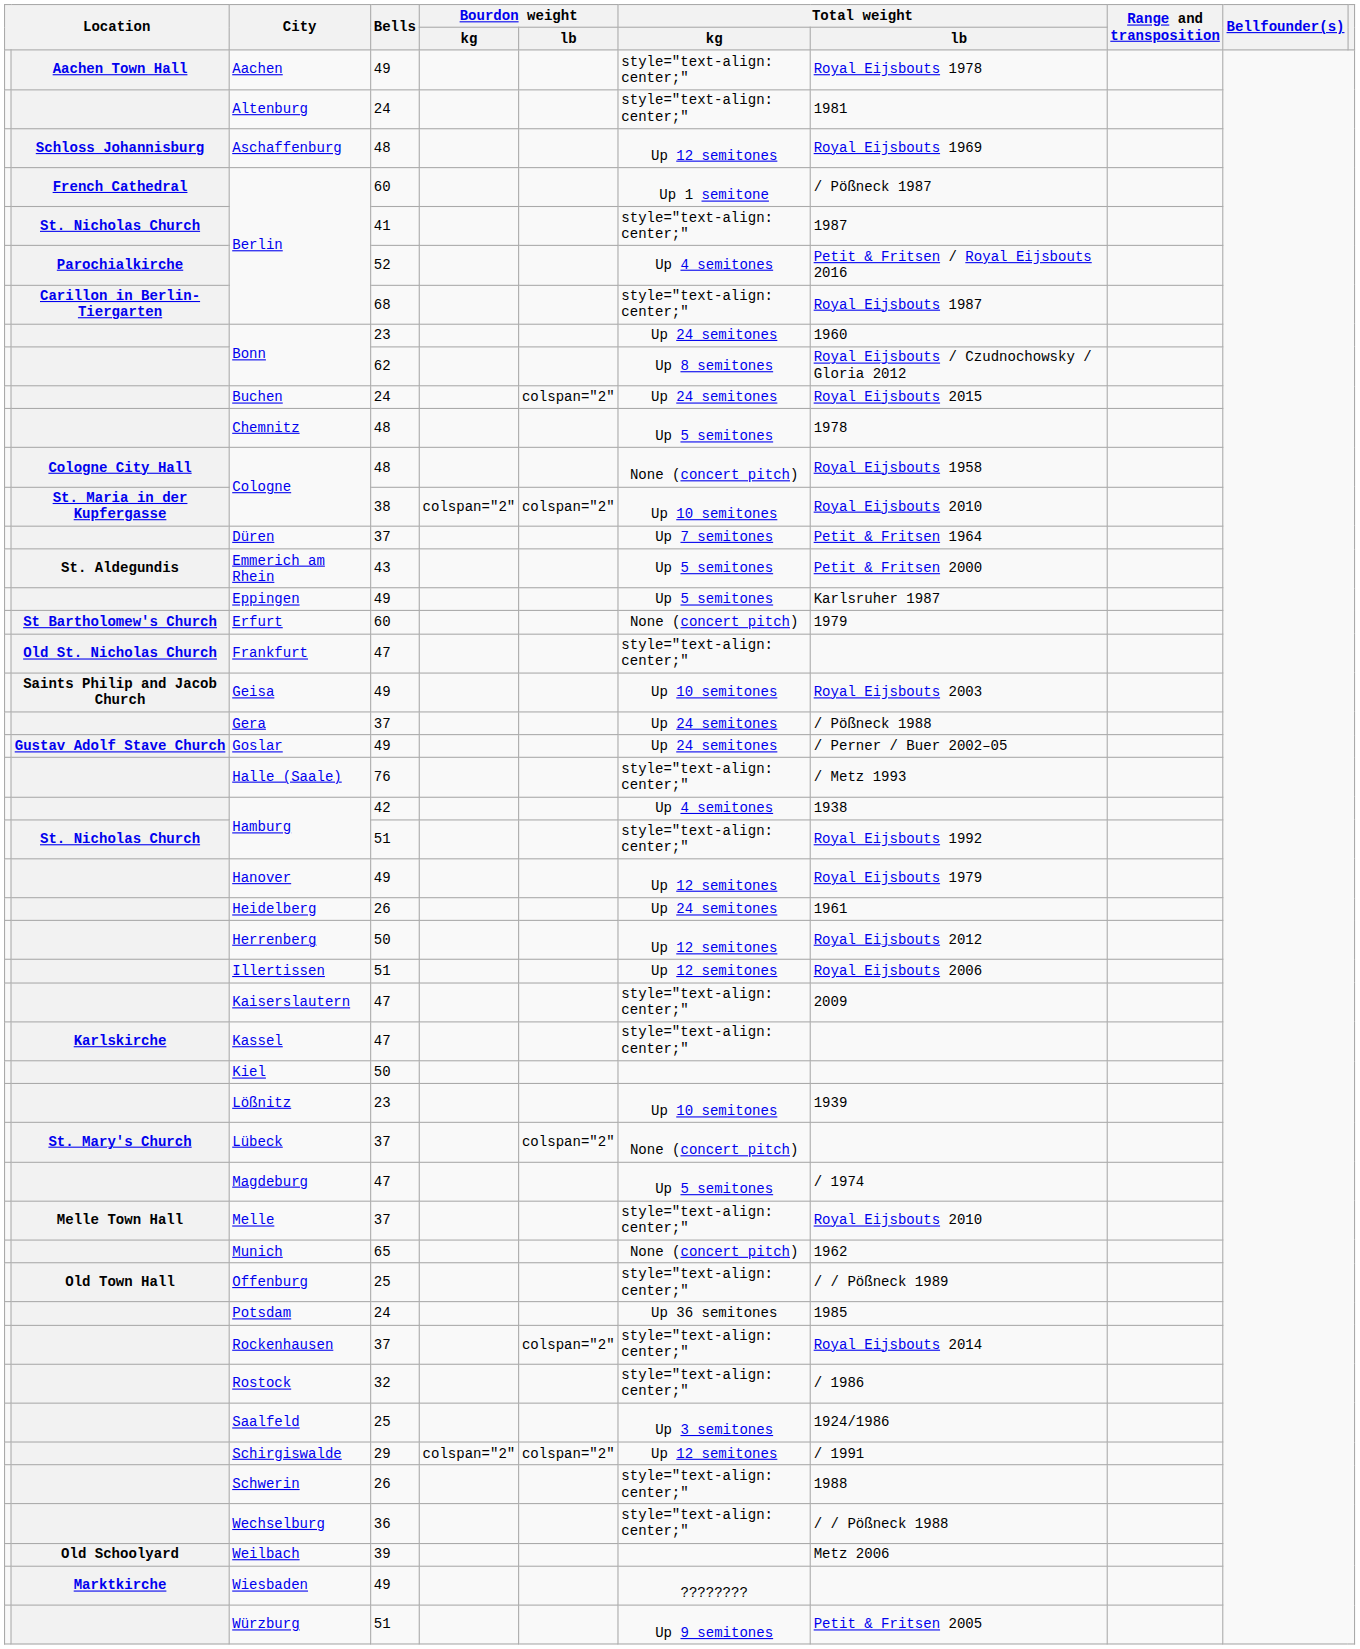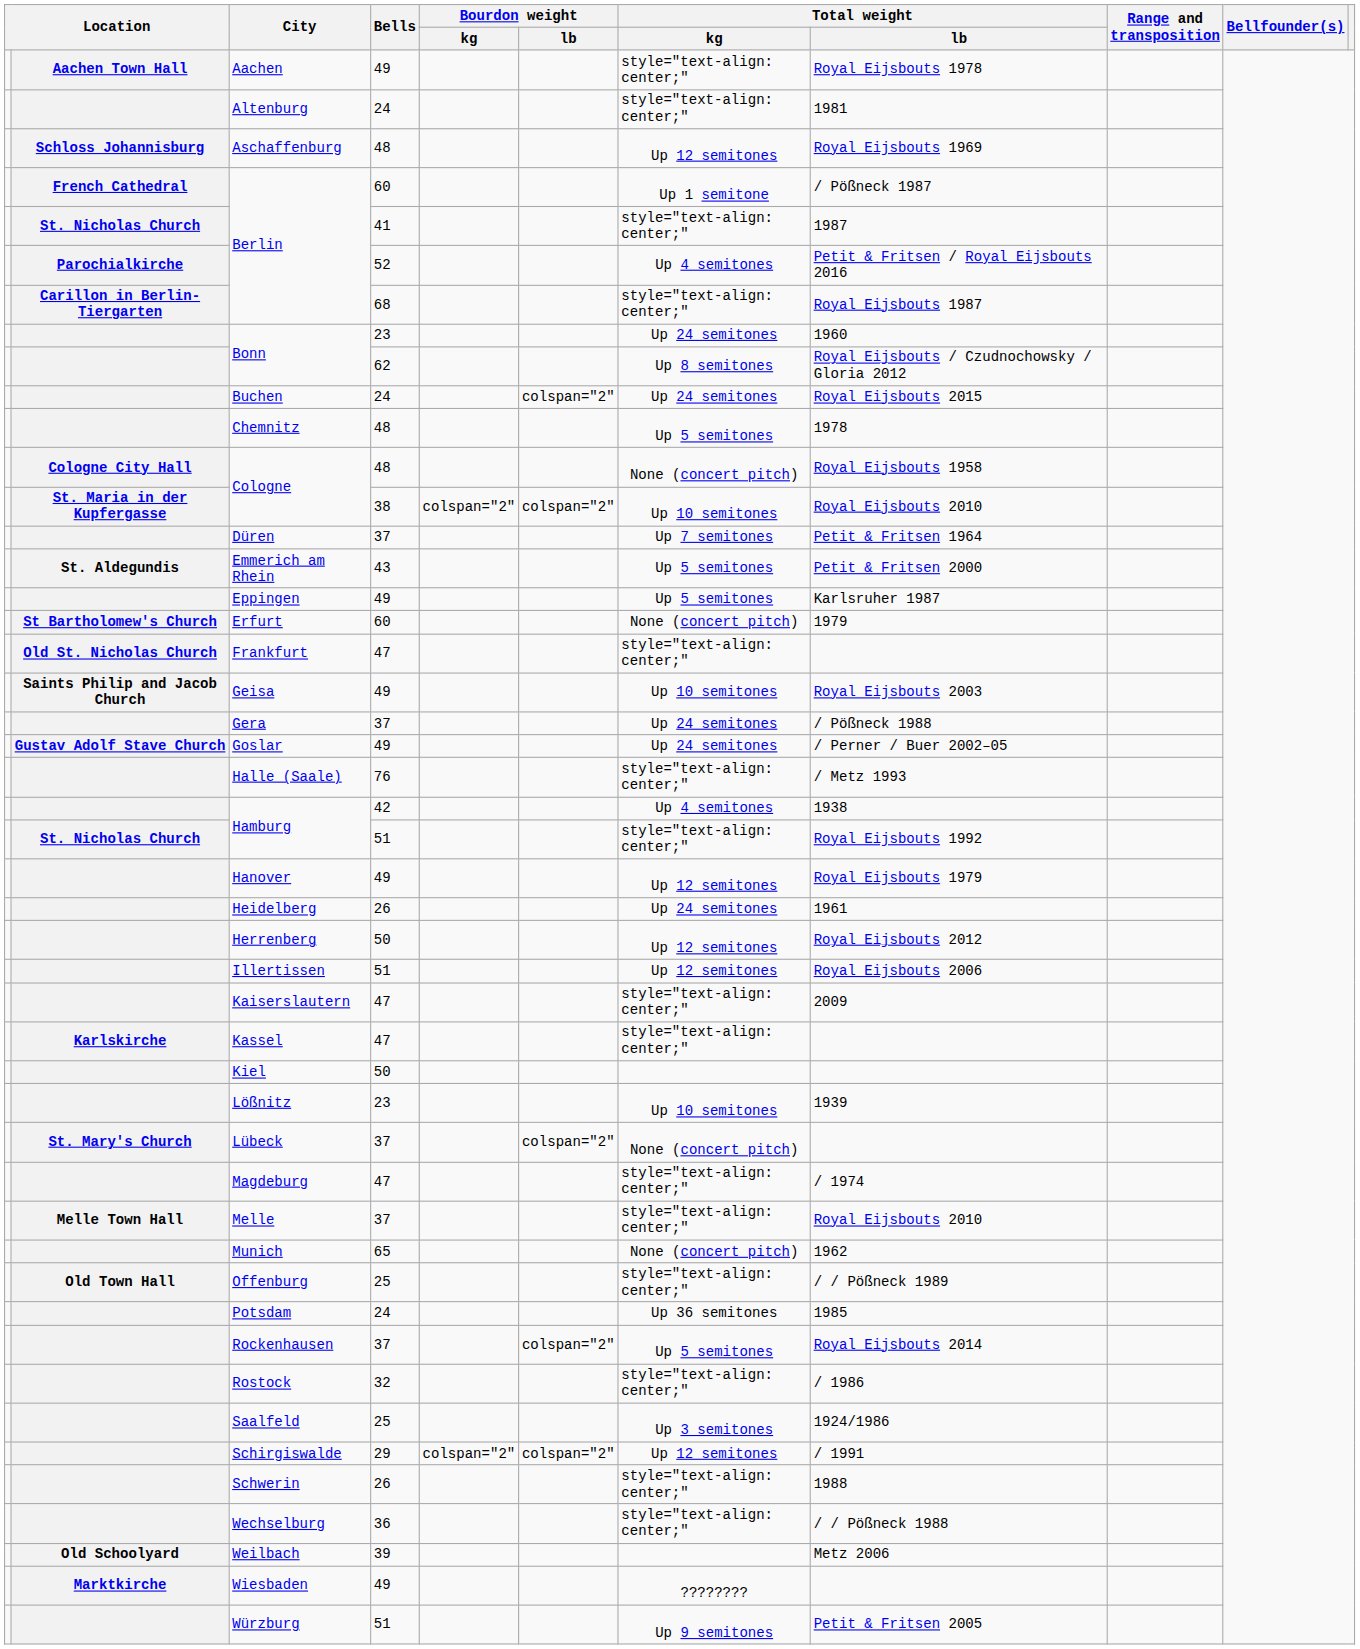 <table class="wikitable sortable plainrowheaders">
 <tr>
 <th scope="col" colspan="2" rowspan="2" class="unsortable">Location</th>
 <th scope="col" rowspan="2">City</th>
 <th scope="col" rowspan="2">Bells</th>
 <th scope="col" colspan="2"><a href='#'>Bourdon</a> weight</th>
 <th scope="col" colspan="2">Total weight</th>
 <th scope="col" rowspan="2" class="unsortable"><a href='#'>Range</a> and<br><a href='#'>transposition</a></th>
 <th scope="col" rowspan="2" class="unsortable"><a href='#'>Bellfounder(s)</a></th>
 <th scope="col" rowspan="2" class="unsortable"></th>
 </tr>
 <tr>
 <th scope="col">kg</th>
 <th scope="col">lb</th>
 <th scope="col">kg</th>
 <th scope="col">lb</th>
 </tr>
 <tr>
 <td></td>
 <th scope="row"><a href='#'>Aachen Town Hall</a></th>
 <td><a href='#'>Aachen</a></td>
 <td>49</td>
 <td></td>
 <td></td>
 <td>style="text-align: center;" </td>
 <td><a href='#'>Royal Eijsbouts</a> 1978</td>
 <td></td>
 </tr>
 <tr>
 <td></td>
 <th scope="row"></th>
 <td><a href='#'>Altenburg</a></td>
 <td>24</td>
 <td></td>
 <td></td>
 <td>style="text-align: center;" </td>
 <td> 1981</td>
 <td></td>
 </tr>
 <tr>
 <td></td>
 <th scope="row"><a href='#'>Schloss Johannisburg</a></th>
 <td><a href='#'>Aschaffenburg</a></td>
 <td>48</td>
 <td></td>
 <td></td>
 <td style="text-align: center;"><br>Up <a href='#'>12 semitones</a></td>
 <td><a href='#'>Royal Eijsbouts</a> 1969</td>
 <td></td>
 </tr>
 <tr>
 <td></td>
 <th scope="row"><a href='#'>French Cathedral</a></th>
 <td rowspan="4"><a href='#'>Berlin</a></td>
 <td>60</td>
 <td></td>
 <td></td>
 <td style="text-align: center;"><br>Up 1 <a href='#'>semitone</a></td>
 <td> / Pößneck 1987</td>
 <td></td>
 </tr>
 <tr>
 <td></td>
 <th scope="row"><a href='#'>St. Nicholas Church</a></th>
 <td>41</td>
 <td></td>
 <td></td>
 <td>style="text-align: center;" </td>
 <td> 1987</td>
 <td></td>
 </tr>
 <tr>
 <td></td>
 <th scope="row"><a href='#'>Parochialkirche</a></th>
 <td>52</td>
 <td></td>
 <td></td>
 <td style="text-align: center;">Up <a href='#'>4 semitones</a></td>
 <td><a href='#'>Petit & Fritsen</a> / <a href='#'>Royal Eijsbouts</a> 2016</td>
 <td></td>
 </tr>
 <tr>
 <td></td>
 <th scope="row"><a href='#'>Carillon in Berlin-Tiergarten</a></th>
 <td>68</td>
 <td></td>
 <td></td>
 <td>style="text-align: center;" </td>
 <td><a href='#'>Royal Eijsbouts</a> 1987</td>
 <td></td>
 </tr>
 <tr>
 <td></td>
 <th scope="row"></th>
 <td rowspan="2"><a href='#'>Bonn</a></td>
 <td>23</td>
 <td></td>
 <td></td>
 <td style="text-align: center;">Up <a href='#'>24 semitones</a></td>
 <td> 1960</td>
 <td></td>
 </tr>
 <tr>
 <td></td>
 <th scope="row"></th>
 <td>62</td>
 <td></td>
 <td></td>
 <td style="text-align: center;">Up <a href='#'>8 semitones</a></td>
 <td><a href='#'>Royal Eijsbouts</a> / Czudnochowsky / Gloria 2012</td>
 <td></td>
 </tr>
 <tr>
 <td></td>
 <th scope="row"></th>
 <td><a href='#'>Buchen</a></td>
 <td>24</td>
 <td></td>
 <td>colspan="2" </td>
 <td style="text-align: center;">Up <a href='#'>24 semitones</a></td>
 <td><a href='#'>Royal Eijsbouts</a> 2015</td>
 <td></td>
 </tr>
 <tr>
 <td></td>
 <th scope="row"></th>
 <td><a href='#'>Chemnitz</a></td>
 <td>48</td>
 <td></td>
 <td></td>
 <td style="text-align: center;"><br>Up <a href='#'>5 semitones</a></td>
 <td> 1978</td>
 <td></td>
 </tr>
 <tr>
 <td></td>
 <th scope="row"><a href='#'>Cologne City Hall</a></th>
 <td rowspan="2"><a href='#'>Cologne</a></td>
 <td>48</td>
 <td></td>
 <td></td>
 <td style="text-align: center;"><br>None (<a href='#'>concert pitch</a>)</td>
 <td><a href='#'>Royal Eijsbouts</a> 1958</td>
 <td></td>
 </tr>
 <tr>
 <td></td>
 <th scope="row"><a href='#'>St. Maria in der Kupfergasse</a></th>
 <td>38</td>
 <td>colspan="2" </td>
 <td>colspan="2" </td>
 <td style="text-align: center;"><br>Up <a href='#'>10 semitones</a></td>
 <td><a href='#'>Royal Eijsbouts</a> 2010</td>
 <td></td>
 </tr>
 <tr>
 <td></td>
 <th scope="row"></th>
 <td><a href='#'>Düren</a></td>
 <td>37</td>
 <td></td>
 <td></td>
 <td style="text-align: center;">Up <a href='#'>7 semitones</a></td>
 <td><a href='#'>Petit & Fritsen</a> 1964</td>
 <td></td>
 </tr>
 <tr>
 <td></td>
 <th scope="row">St. Aldegundis</th>
 <td><a href='#'>Emmerich am Rhein</a></td>
 <td>43</td>
 <td></td>
 <td></td>
 <td style="text-align: center;">Up <a href='#'>5 semitones</a></td>
 <td><a href='#'>Petit & Fritsen</a> 2000</td>
 <td></td>
 </tr>
 <tr>
 <td></td>
 <th scope="row"></th>
 <td><a href='#'>Eppingen</a></td>
 <td>49</td>
 <td></td>
 <td></td>
 <td style="text-align: center;">Up <a href='#'>5 semitones</a></td>
 <td>Karlsruher 1987</td>
 <td></td>
 </tr>
 <tr>
 <td></td>
 <th scope="row"><a href='#'>St Bartholomew's Church</a></th>
 <td><a href='#'>Erfurt</a></td>
 <td>60</td>
 <td></td>
 <td></td>
 <td style="text-align: center;">None (<a href='#'>concert pitch</a>)</td>
 <td> 1979</td>
 <td></td>
 </tr>
 <tr>
 <td></td>
 <th scope="row"><a href='#'>Old St. Nicholas Church</a></th>
 <td><a href='#'>Frankfurt</a></td>
 <td>47</td>
 <td></td>
 <td></td>
 <td>style="text-align: center;" </td>
 <td></td>
 <td></td>
 </tr>
 <tr>
 <td></td>
 <th scope="row">Saints Philip and Jacob Church</th>
 <td><a href='#'>Geisa</a></td>
 <td>49</td>
 <td></td>
 <td></td>
 <td style="text-align: center;">Up <a href='#'>10 semitones</a></td>
 <td><a href='#'>Royal Eijsbouts</a> 2003</td>
 <td></td>
 </tr>
 <tr>
 <td></td>
 <th scope="row"></th>
 <td><a href='#'>Gera</a></td>
 <td>37</td>
 <td></td>
 <td></td>
 <td style="text-align: center;">Up <a href='#'>24 semitones</a></td>
 <td> / Pößneck 1988</td>
 <td></td>
 </tr>
 <tr>
 <td></td>
 <th scope="row"><a href='#'>Gustav Adolf Stave Church</a></th>
 <td><a href='#'>Goslar</a></td>
 <td>49</td>
 <td></td>
 <td></td>
 <td style="text-align: center;">Up <a href='#'>24 semitones</a></td>
 <td> / Perner / Buer 2002–05</td>
 <td></td>
 </tr>
 <tr>
 <td></td>
 <th scope="row"></th>
 <td><a href='#'>Halle (Saale)</a></td>
 <td>76</td>
 <td></td>
 <td></td>
 <td>style="text-align: center;" </td>
 <td> / Metz 1993</td>
 <td></td>
 </tr>
 <tr>
 <td></td>
 <th scope="row"></th>
 <td rowspan="2"><a href='#'>Hamburg</a></td>
 <td>42</td>
 <td></td>
 <td></td>
 <td style="text-align: center;">Up <a href='#'>4 semitones</a></td>
 <td> 1938</td>
 <td></td>
 </tr>
 <tr>
 <td></td>
 <th scope="row"><a href='#'>St. Nicholas Church</a></th>
 <td>51</td>
 <td></td>
 <td></td>
 <td>style="text-align: center;" </td>
 <td><a href='#'>Royal Eijsbouts</a> 1992</td>
 <td></td>
 </tr>
 <tr>
 <td></td>
 <th scope="row"></th>
 <td><a href='#'>Hanover</a></td>
 <td>49</td>
 <td></td>
 <td></td>
 <td style="text-align: center;"><br>Up <a href='#'>12 semitones</a></td>
 <td><a href='#'>Royal Eijsbouts</a> 1979</td>
 <td></td>
 </tr>
 <tr>
 <td></td>
 <th scope="row"></th>
 <td><a href='#'>Heidelberg</a></td>
 <td>26</td>
 <td></td>
 <td></td>
 <td style="text-align: center;">Up <a href='#'>24 semitones</a></td>
 <td> 1961</td>
 <td></td>
 </tr>
 <tr>
 <td></td>
 <th scope="row"></th>
 <td><a href='#'>Herrenberg</a></td>
 <td>50</td>
 <td></td>
 <td></td>
 <td style="text-align: center;"><br>Up <a href='#'>12 semitones</a></td>
 <td><a href='#'>Royal Eijsbouts</a> 2012</td>
 <td></td>
 </tr>
 <tr>
 <td></td>
 <th scope="row"></th>
 <td><a href='#'>Illertissen</a></td>
 <td>51</td>
 <td></td>
 <td></td>
 <td style="text-align: center;">Up <a href='#'>12 semitones</a></td>
 <td><a href='#'>Royal Eijsbouts</a> 2006</td>
 <td></td>
 </tr>
 <tr>
 <td></td>
 <th scope="row"></th>
 <td><a href='#'>Kaiserslautern</a></td>
 <td>47</td>
 <td></td>
 <td></td>
 <td>style="text-align: center;" </td>
 <td> 2009</td>
 <td></td>
 </tr>
 <tr>
 <td></td>
 <th scope="row"><a href='#'>Karlskirche</a></th>
 <td><a href='#'>Kassel</a></td>
 <td>47</td>
 <td></td>
 <td></td>
 <td>style="text-align: center;" </td>
 <td></td>
 <td></td>
 </tr>
 <tr>
 <td></td>
 <th scope="row"></th>
 <td><a href='#'>Kiel</a></td>
 <td>50</td>
 <td></td>
 <td></td>
 <td style="text-align: center;"></td>
 <td></td>
 <td></td>
 </tr>
 <tr>
 <td></td>
 <th scope="row"></th>
 <td><a href='#'>Lößnitz</a></td>
 <td>23</td>
 <td></td>
 <td></td>
 <td style="text-align: center;"><br>Up <a href='#'>10 semitones</a></td>
 <td> 1939</td>
 <td></td>
 </tr>
 <tr>
 <td></td>
 <th scope="row"><a href='#'>St. Mary's Church</a></th>
 <td><a href='#'>Lübeck</a></td>
 <td>37</td>
 <td></td>
 <td>colspan="2" </td>
 <td style="text-align: center;"><br>None (<a href='#'>concert pitch</a>)</td>
 <td></td>
 <td></td>
 </tr>
 <tr>
 <td></td>
 <th scope="row"></th>
 <td><a href='#'>Magdeburg</a></td>
 <td>47</td>
 <td></td>
 <td></td>
-<td style="text-align: center;"><br>Up <a href='#'>5 semitones</a></td>
+<td>style="text-align: center;" </td>
 <td> /  1974</td>
 <td></td>
 </tr>
 <tr>
 <td></td>
 <th scope="row">Melle Town Hall</th>
 <td><a href='#'>Melle</a></td>
 <td>37</td>
 <td></td>
 <td></td>
 <td>style="text-align: center;" </td>
 <td><a href='#'>Royal Eijsbouts</a> 2010</td>
 <td></td>
 </tr>
 <tr>
 <td></td>
 <th scope="row"></th>
 <td><a href='#'>Munich</a></td>
 <td>65</td>
 <td></td>
 <td></td>
 <td style="text-align: center;">None (<a href='#'>concert pitch</a>)</td>
 <td> 1962</td>
 <td></td>
 </tr>
 <tr>
 <td></td>
 <th scope="row">Old Town Hall</th>
 <td><a href='#'>Offenburg</a></td>
 <td>25</td>
 <td></td>
 <td></td>
 <td>style="text-align: center;" </td>
 <td> /  / Pößneck 1989</td>
 <td><br></td>
 </tr>
 <tr>
 <td></td>
 <th scope="row"></th>
 <td><a href='#'>Potsdam</a></td>
 <td>24</td>
 <td></td>
 <td></td>
 <td style="text-align: center;">Up 36 semitones</td>
 <td> 1985</td>
 <td></td>
 </tr>
 <tr>
 <td></td>
 <th scope="row"></th>
 <td><a href='#'>Rockenhausen</a></td>
 <td>37</td>
 <td></td>
 <td>colspan="2" </td>
-<td>style="text-align: center;" </td>
+<td style="text-align: center;"><br>Up <a href='#'>5 semitones</a></td>
 <td><a href='#'>Royal Eijsbouts</a> 2014</td>
 <td></td>
 </tr>
 <tr>
 <td></td>
 <th scope="row"></th>
 <td><a href='#'>Rostock</a></td>
 <td>32</td>
 <td></td>
 <td></td>
 <td>style="text-align: center;" </td>
 <td> /  1986</td>
 <td><br></td>
 </tr>
 <tr>
 <td></td>
 <th scope="row"></th>
 <td><a href='#'>Saalfeld</a></td>
 <td>25</td>
 <td></td>
 <td></td>
 <td style="text-align: center;"><br>Up <a href='#'>3 semitones</a></td>
 <td> 1924/1986</td>
 <td></td>
 </tr>
 <tr>
 <td></td>
 <th scope="row"></th>
 <td><a href='#'>Schirgiswalde</a></td>
 <td>29</td>
 <td>colspan="2" </td>
 <td>colspan="2" </td>
 <td style="text-align: center;">Up <a href='#'>12 semitones</a></td>
 <td> /  1991</td>
 <td></td>
 </tr>
 <tr>
 <td></td>
 <th scope="row"></th>
 <td><a href='#'>Schwerin</a></td>
 <td>26</td>
 <td></td>
 <td></td>
 <td>style="text-align: center;" </td>
 <td> 1988</td>
 <td></td>
 </tr>
 <tr>
 <td></td>
 <th scope="row"></th>
 <td><a href='#'>Wechselburg</a></td>
 <td>36</td>
 <td></td>
 <td></td>
 <td>style="text-align: center;" </td>
 <td> /  / Pößneck 1988</td>
 <td></td>
 </tr>
 <tr>
 <td></td>
 <th scope="row">Old Schoolyard</th>
 <td><a href='#'>Weilbach</a></td>
 <td>39</td>
 <td></td>
 <td></td>
 <td style="text-align: center;"></td>
 <td>Metz 2006</td>
 <td></td>
 </tr>
 <tr>
 <td></td>
 <th scope="row"><a href='#'>Marktkirche</a></th>
 <td><a href='#'>Wiesbaden</a></td>
 <td>49</td>
 <td></td>
 <td></td>
 <td style="text-align: center;"><br>????????</td>
 <td></td>
 <td></td>
 </tr>
 <tr>
 <td></td>
 <th scope="row"></th>
 <td><a href='#'>Würzburg</a></td>
 <td>51</td>
 <td></td>
 <td></td>
 <td style="text-align: center;"><br>Up <a href='#'>9 semitones</a></td>
 <td><a href='#'>Petit & Fritsen</a> 2005</td>
 <td></td>
 </tr>
 </table>
